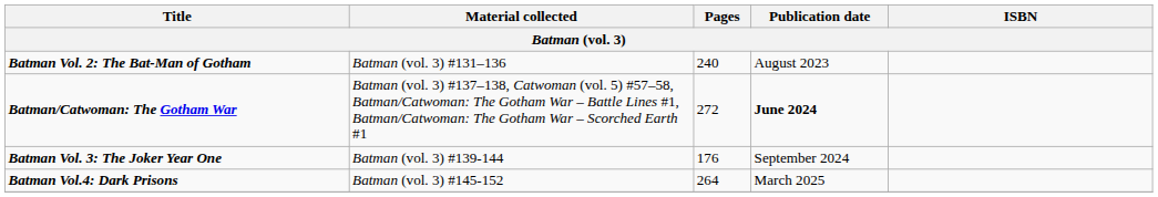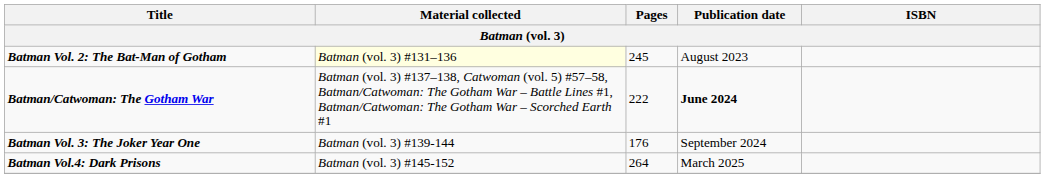 <table class="wikitable" width="100%">
 <tr>
 <th style="width:30%;">Title</th>
 <th style="width:30%;">Material collected</th>
 <th style="width:5%;">Pages</th>
 <th style="width:12%;">Publication date</th>
 <th>ISBN</th>
 </tr>
 <tr>
 <th colspan="5"><em>Batman</em> (vol. 3)</th>
 </tr>
 <tr>
 <td><strong><em>Batman Vol. 2: The Bat-Man of Gotham</em></strong></td>
-<td><em>Batman</em> (vol. 3) #131–136</td>
-<td>240</td>
+<td style="background: lightyellow;"><em>Batman</em> (vol. 3) #131–136</td>
+<td>245</td>
 <td>August 2023</td>
 <td></td>
 </tr>
 <tr>
 <td><strong><em>Batman/Catwoman: The <a href='#'>Gotham War</a></em></strong></td>
 <td><em>Batman</em> (vol. 3) #137–138, <em>Catwoman</em> (vol. 5) #57–58, <em>Batman/Catwoman: The Gotham War – Battle Lines</em> #1, <em>Batman/Catwoman: The Gotham War – Scorched Earth</em> #1</td>
-<td>272</td>
+<td>222</td>
 <td><strong>June 2024</strong></td>
 <td></td>
 </tr>
 <tr>
 <td><strong><em>Batman Vol. 3: The Joker Year One</em></strong></td>
 <td><em>Batman</em> (vol. 3) #139-144</td>
 <td>176</td>
 <td>September 2024</td>
 <td></td>
 </tr>
 <tr>
 <td><strong><em>Batman Vol.4: Dark Prisons</em></strong></td>
 <td><em>Batman</em> (vol. 3) #145-152</td>
 <td>264</td>
 <td>March 2025</td>
 <td></td>
 </tr>
 <tr>
 </tr>
 </table>
